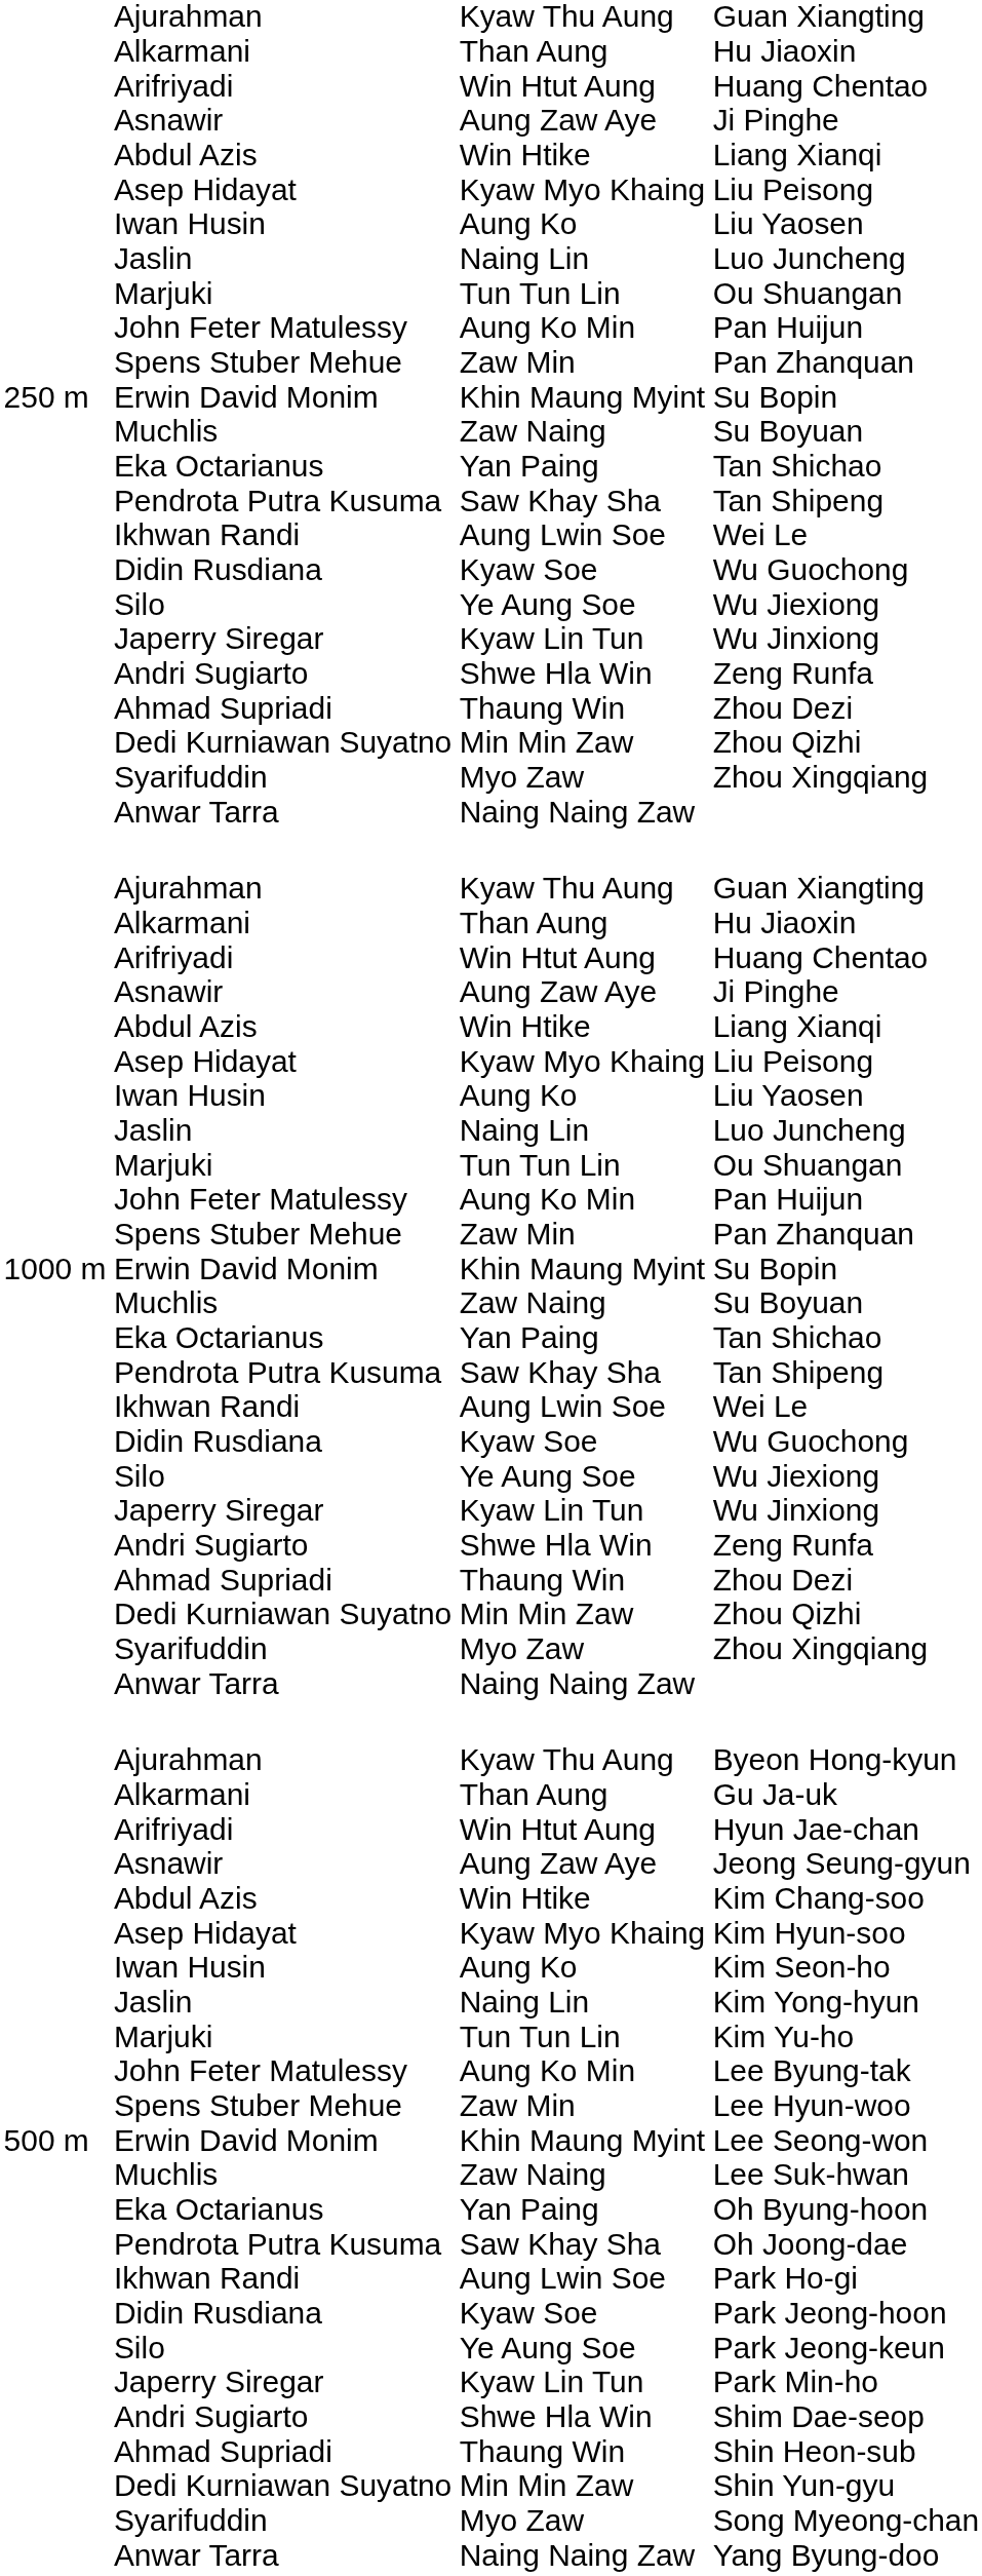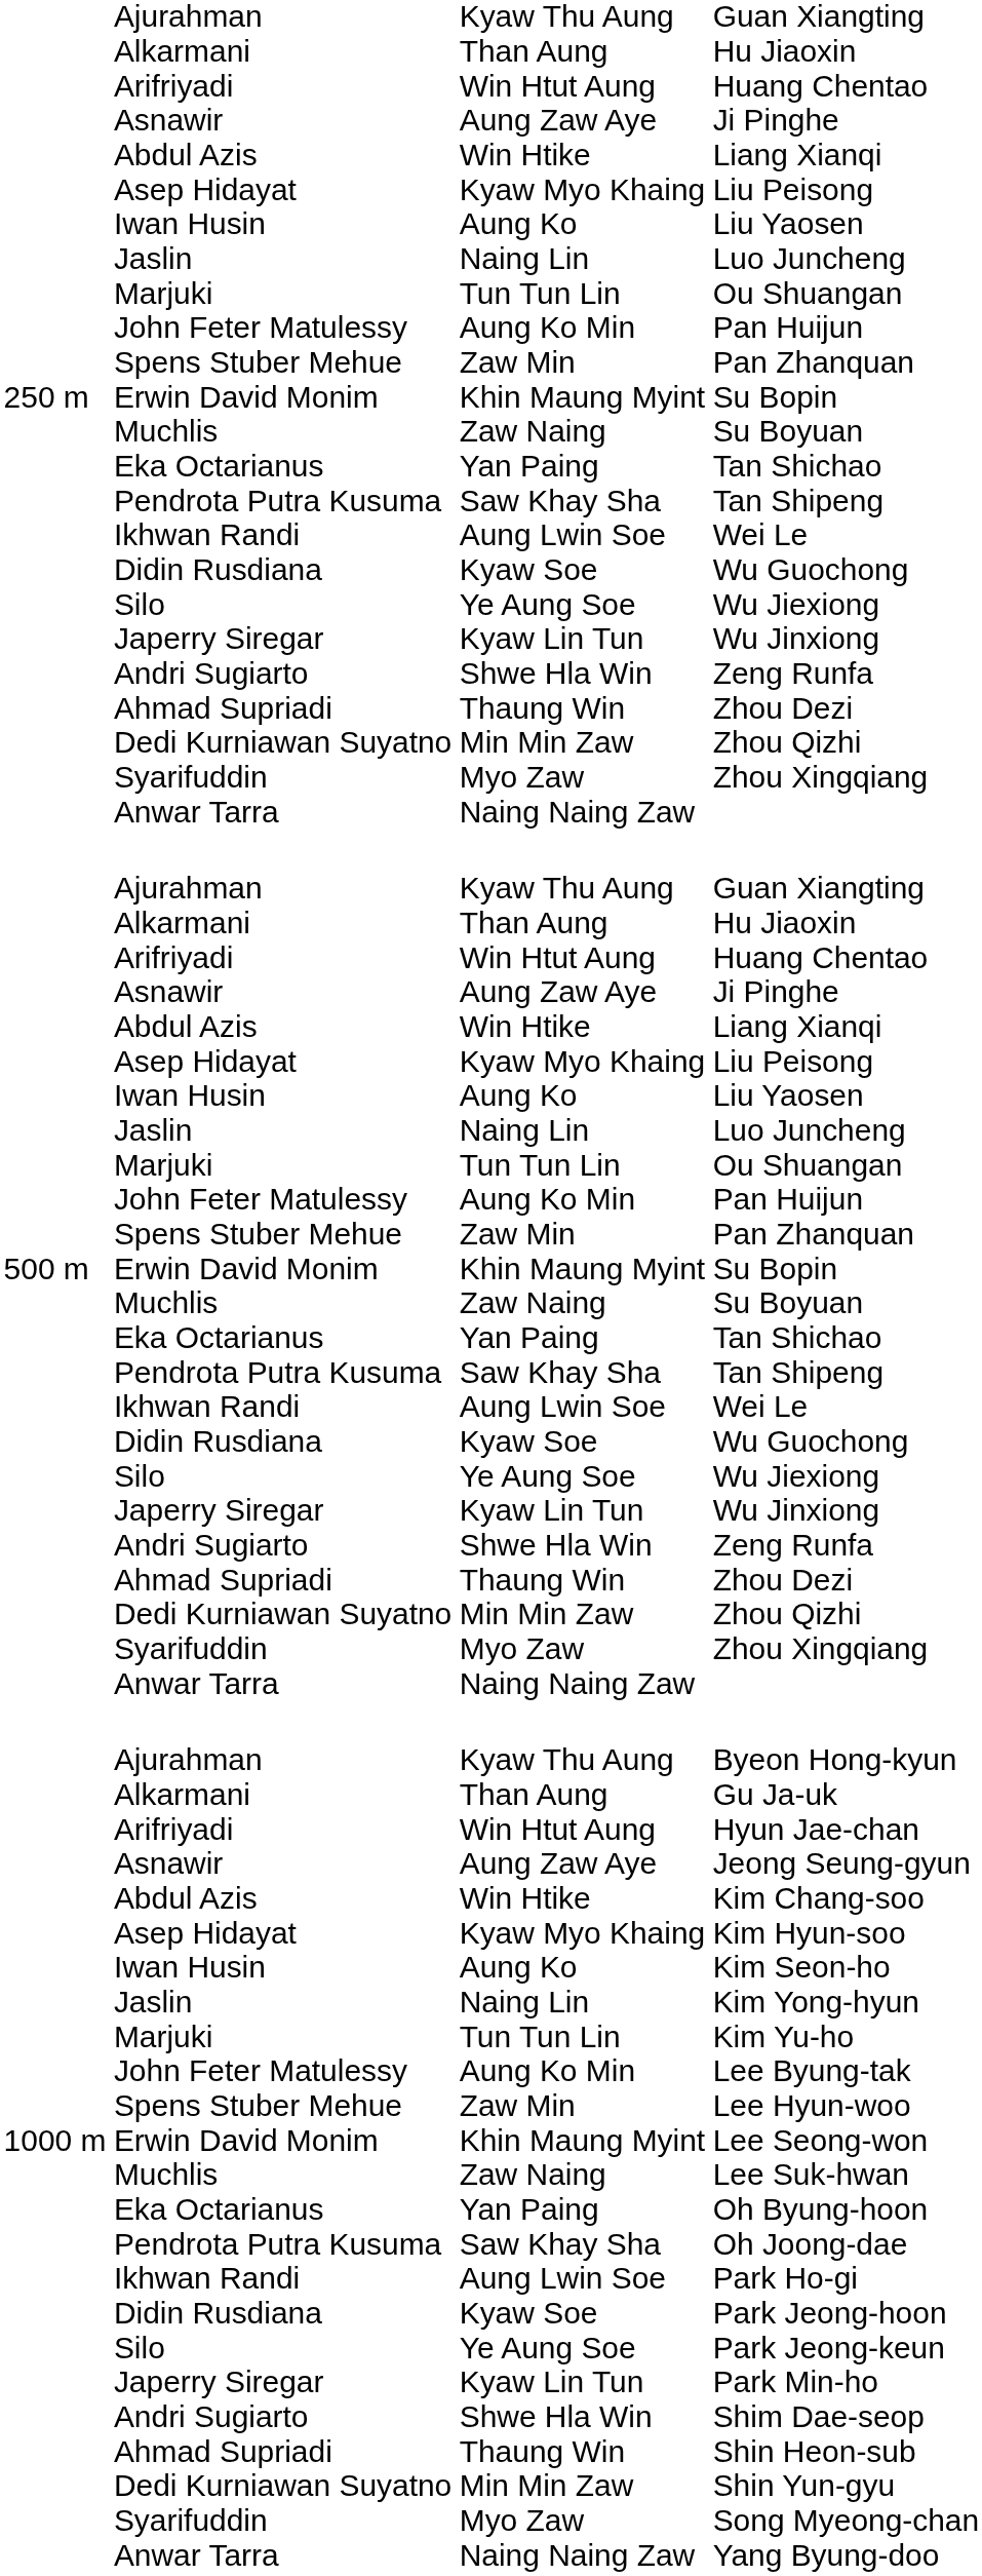 <table>
 <tr>
 <td>250 m<br></td>
 <td valign=top><br>Ajurahman<br>Alkarmani<br>Arifriyadi<br>Asnawir<br>Abdul Azis<br>Asep Hidayat<br>Iwan Husin<br>Jaslin<br>Marjuki<br>John Feter Matulessy<br>Spens Stuber Mehue<br>Erwin David Monim<br>Muchlis<br>Eka Octarianus<br>Pendrota Putra Kusuma<br>Ikhwan Randi<br>Didin Rusdiana<br>Silo<br>Japerry Siregar<br>Andri Sugiarto<br>Ahmad Supriadi<br>Dedi Kurniawan Suyatno<br>Syarifuddin<br>Anwar Tarra</td>
 <td valign=top><br>Kyaw Thu Aung<br>Than Aung<br>Win Htut Aung<br>Aung Zaw Aye<br>Win Htike<br>Kyaw Myo Khaing<br>Aung Ko<br>Naing Lin<br>Tun Tun Lin<br>Aung Ko Min<br>Zaw Min<br>Khin Maung Myint<br>Zaw Naing<br>Yan Paing<br>Saw Khay Sha<br>Aung Lwin Soe<br>Kyaw Soe<br>Ye Aung Soe<br>Kyaw Lin Tun<br>Shwe Hla Win<br>Thaung Win<br>Min Min Zaw<br>Myo Zaw<br>Naing Naing Zaw</td>
 <td valign=top><br>Guan Xiangting<br>Hu Jiaoxin<br>Huang Chentao<br>Ji Pinghe<br>Liang Xianqi<br>Liu Peisong<br>Liu Yaosen<br>Luo Juncheng<br>Ou Shuangan<br>Pan Huijun<br>Pan Zhanquan<br>Su Bopin<br>Su Boyuan<br>Tan Shichao<br>Tan Shipeng<br>Wei Le<br>Wu Guochong<br>Wu Jiexiong<br>Wu Jinxiong<br>Zeng Runfa<br>Zhou Dezi<br>Zhou Qizhi<br>Zhou Xingqiang</td>
 </tr>
 <tr>
-<td>1000 m<br></td>
+<td>500 m<br></td>
 <td valign=top><br>Ajurahman<br>Alkarmani<br>Arifriyadi<br>Asnawir<br>Abdul Azis<br>Asep Hidayat<br>Iwan Husin<br>Jaslin<br>Marjuki<br>John Feter Matulessy<br>Spens Stuber Mehue<br>Erwin David Monim<br>Muchlis<br>Eka Octarianus<br>Pendrota Putra Kusuma<br>Ikhwan Randi<br>Didin Rusdiana<br>Silo<br>Japerry Siregar<br>Andri Sugiarto<br>Ahmad Supriadi<br>Dedi Kurniawan Suyatno<br>Syarifuddin<br>Anwar Tarra</td>
 <td valign=top><br>Kyaw Thu Aung<br>Than Aung<br>Win Htut Aung<br>Aung Zaw Aye<br>Win Htike<br>Kyaw Myo Khaing<br>Aung Ko<br>Naing Lin<br>Tun Tun Lin<br>Aung Ko Min<br>Zaw Min<br>Khin Maung Myint<br>Zaw Naing<br>Yan Paing<br>Saw Khay Sha<br>Aung Lwin Soe<br>Kyaw Soe<br>Ye Aung Soe<br>Kyaw Lin Tun<br>Shwe Hla Win<br>Thaung Win<br>Min Min Zaw<br>Myo Zaw<br>Naing Naing Zaw</td>
 <td valign=top><br>Guan Xiangting<br>Hu Jiaoxin<br>Huang Chentao<br>Ji Pinghe<br>Liang Xianqi<br>Liu Peisong<br>Liu Yaosen<br>Luo Juncheng<br>Ou Shuangan<br>Pan Huijun<br>Pan Zhanquan<br>Su Bopin<br>Su Boyuan<br>Tan Shichao<br>Tan Shipeng<br>Wei Le<br>Wu Guochong<br>Wu Jiexiong<br>Wu Jinxiong<br>Zeng Runfa<br>Zhou Dezi<br>Zhou Qizhi<br>Zhou Xingqiang</td>
 </tr>
 <tr>
-<td>500 m<br></td>
+<td>1000 m<br></td>
 <td valign=top><br>Ajurahman<br>Alkarmani<br>Arifriyadi<br>Asnawir<br>Abdul Azis<br>Asep Hidayat<br>Iwan Husin<br>Jaslin<br>Marjuki<br>John Feter Matulessy<br>Spens Stuber Mehue<br>Erwin David Monim<br>Muchlis<br>Eka Octarianus<br>Pendrota Putra Kusuma<br>Ikhwan Randi<br>Didin Rusdiana<br>Silo<br>Japerry Siregar<br>Andri Sugiarto<br>Ahmad Supriadi<br>Dedi Kurniawan Suyatno<br>Syarifuddin<br>Anwar Tarra</td>
 <td valign=top><br>Kyaw Thu Aung<br>Than Aung<br>Win Htut Aung<br>Aung Zaw Aye<br>Win Htike<br>Kyaw Myo Khaing<br>Aung Ko<br>Naing Lin<br>Tun Tun Lin<br>Aung Ko Min<br>Zaw Min<br>Khin Maung Myint<br>Zaw Naing<br>Yan Paing<br>Saw Khay Sha<br>Aung Lwin Soe<br>Kyaw Soe<br>Ye Aung Soe<br>Kyaw Lin Tun<br>Shwe Hla Win<br>Thaung Win<br>Min Min Zaw<br>Myo Zaw<br>Naing Naing Zaw</td>
 <td valign=top><br>Byeon Hong-kyun<br>Gu Ja-uk<br>Hyun Jae-chan<br>Jeong Seung-gyun<br>Kim Chang-soo<br>Kim Hyun-soo<br>Kim Seon-ho<br>Kim Yong-hyun<br>Kim Yu-ho<br>Lee Byung-tak<br>Lee Hyun-woo<br>Lee Seong-won<br>Lee Suk-hwan<br>Oh Byung-hoon<br>Oh Joong-dae<br>Park Ho-gi<br>Park Jeong-hoon<br>Park Jeong-keun<br>Park Min-ho<br>Shim Dae-seop<br>Shin Heon-sub<br>Shin Yun-gyu<br>Song Myeong-chan<br>Yang Byung-doo</td>
 </tr>
 </table>
